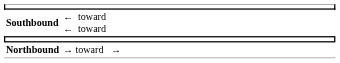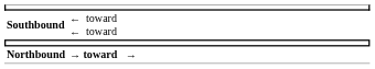 <table table border="0" cellspacing="0" cellpadding="3">
 <tr>
 <td style="border-top:solid 1px gray;border-right:solid 2px black;border-left:solid 2px black;border-bottom:solid 2px black;text-align:center;" colspan="2"></td>
 </tr>
 <tr>
 <td><strong>Southbound</strong></td>
 <td width="430">←  toward  <br> ←  toward  </td>
 </tr>
 <tr>
 <td style="border-top:solid 2px black;border-right:solid 2px black;border-left:solid 2px black;border-bottom:solid 2px black;text-align:center;" colspan="2"></td>
 </tr>
 <tr>
 <td><strong>Northbound</strong></td>
-<td><span>→</span>   toward   →</td>
+<td><strong><span>→</span>   toward   →</strong></td>
 </tr>
 <tr>
 <td style="border-top:solid 1px gray;" colspan="2"></td>
 </tr>
 </table>
